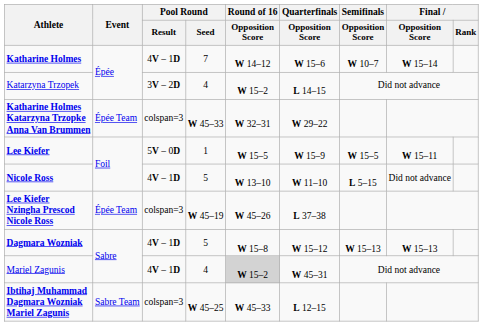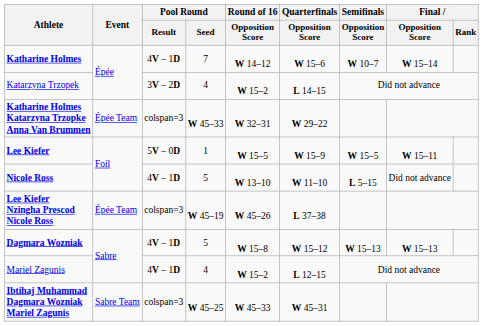 <table class=wikitable style="font-size:90%">
 <tr>
 <th rowspan="2">Athlete</th>
 <th rowspan="2">Event</th>
 <th colspan=2>Pool Round</th>
 <th>Round of 16</th>
 <th>Quarterfinals</th>
 <th>Semifinals</th>
 <th colspan=2>Final / </th>
 </tr>
 <tr style="font-size:95%">
 <th>Result</th>
 <th>Seed</th>
 <th>Opposition<br>Score</th>
 <th>Opposition<br>Score</th>
 <th>Opposition<br>Score</th>
 <th>Opposition<br>Score</th>
 <th>Rank</th>
 </tr>
 <tr align=center>
 <td align=left><strong><a href='#'>Katharine Holmes</a></strong></td>
 <td align=left rowspan=2><a href='#'>Épée</a></td>
 <td>4<strong>V</strong> – 1<strong>D</strong></td>
 <td>7</td>
 <td><br><strong>W</strong> 14–12</td>
 <td><br><strong>W</strong> 15–6</td>
 <td><br><strong>W</strong> 10–7</td>
 <td><br><strong>W</strong> 15–14</td>
 <td></td>
 </tr>
 <tr align=center>
 <td align=left><a href='#'>Katarzyna Trzopek</a></td>
 <td>3<strong>V</strong> – 2<strong>D</strong></td>
 <td>4</td>
 <td><br><strong>W</strong> 15–2</td>
 <td><br><strong>L</strong> 14–15</td>
 <td colspan=3>Did not advance</td>
 </tr>
 <tr align=center>
 <td align=left><strong><a href='#'>Katharine Holmes</a><br><a href='#'>Katarzyna Trzopke</a><br><a href='#'>Anna Van Brummen</a></strong></td>
 <td align=left><a href='#'>Épée Team</a></td>
 <td>colspan=3 </td>
 <td><br><strong>W</strong> 45–33</td>
 <td><br><strong>W</strong> 32–31</td>
 <td><br><strong>W</strong> 29–22</td>
 <td></td>
 </tr>
 <tr align=center>
 <td align=left><strong><a href='#'>Lee Kiefer</a></strong></td>
 <td align=left rowspan=2><a href='#'>Foil</a></td>
 <td>5<strong>V</strong> – 0<strong>D</strong></td>
 <td>1</td>
 <td><br><strong>W</strong> 15–5</td>
 <td><br><strong>W</strong> 15–9</td>
 <td><br><strong>W</strong> 15–5</td>
 <td><br><strong>W</strong> 15–11</td>
 <td></td>
 </tr>
 <tr align=center>
 <td align=left><strong><a href='#'>Nicole Ross</a></strong></td>
 <td>4<strong>V</strong> – 1<strong>D</strong></td>
 <td>5</td>
 <td><br><strong>W</strong> 13–10</td>
 <td><br><strong>W</strong> 11–10</td>
 <td><br><strong>L</strong> 5–15</td>
 <td>Did not advance</td>
 <td></td>
 </tr>
 <tr align=center>
 <td align=left><strong><a href='#'>Lee Kiefer</a><br><a href='#'>Nzingha Prescod</a><br><a href='#'>Nicole Ross</a></strong></td>
 <td align=left><a href='#'>Épée Team</a></td>
 <td>colspan=3 </td>
 <td><br><strong>W</strong> 45–19</td>
 <td><br><strong>W</strong> 45–26</td>
 <td><br><strong>L</strong> 37–38</td>
 <td></td>
 </tr>
 <tr align=center>
 <td align=left><strong><a href='#'>Dagmara Wozniak</a></strong></td>
 <td align=left rowspan=2><a href='#'>Sabre</a></td>
 <td>4<strong>V</strong> – 1<strong>D</strong></td>
 <td>5</td>
 <td><br><strong>W</strong> 15–8</td>
 <td><br><strong>W</strong> 15–12</td>
 <td><br><strong>W</strong> 15–13</td>
 <td><br><strong>W</strong> 15–13</td>
 <td></td>
 </tr>
 <tr align=center>
 <td align=left><a href='#'>Mariel Zagunis</a></td>
 <td>4<strong>V</strong> – 1<strong>D</strong></td>
 <td>4</td>
-<td style="background: lightgrey;"><br><strong>W</strong> 15–2</td>
-<td><br><strong>W</strong> 45–31</td>
+<td><br><strong>W</strong> 15–2</td>
+<td><br><strong>L</strong> 12–15</td>
 <td colspan=3>Did not advance</td>
 </tr>
 <tr align=center>
 <td align=left><strong><a href='#'>Ibtihaj Muhammad</a><br><a href='#'>Dagmara Wozniak</a><br><a href='#'>Mariel Zagunis</a></strong></td>
 <td align=left><a href='#'>Sabre Team</a></td>
 <td>colspan=3 </td>
 <td><br><strong>W</strong> 45–25</td>
 <td><br><strong>W</strong> 45–33</td>
-<td><br><strong>L</strong> 12–15</td>
+<td><br><strong>W</strong> 45–31</td>
 <td></td>
 </tr>
 </table>
